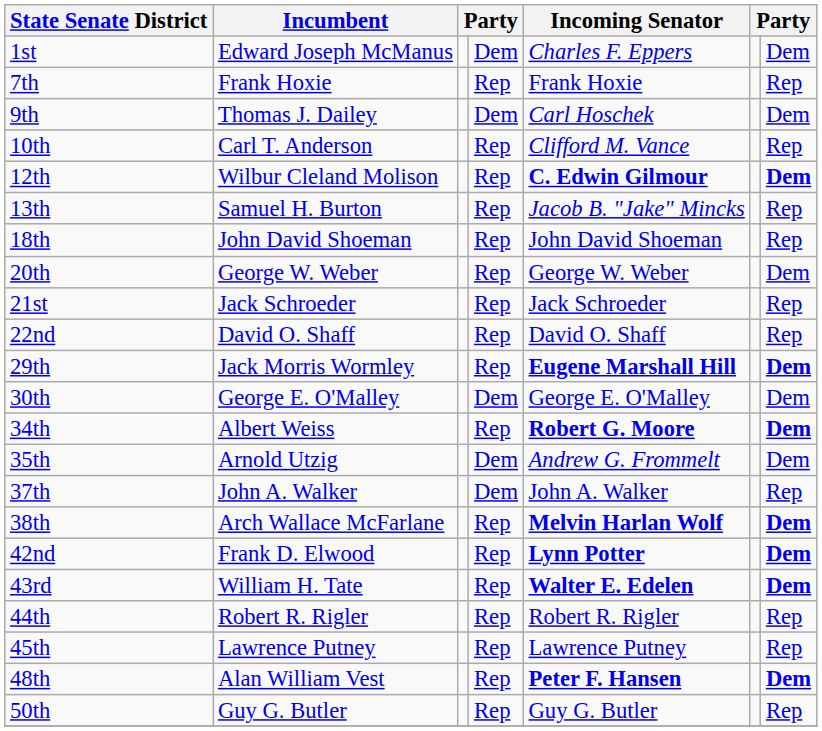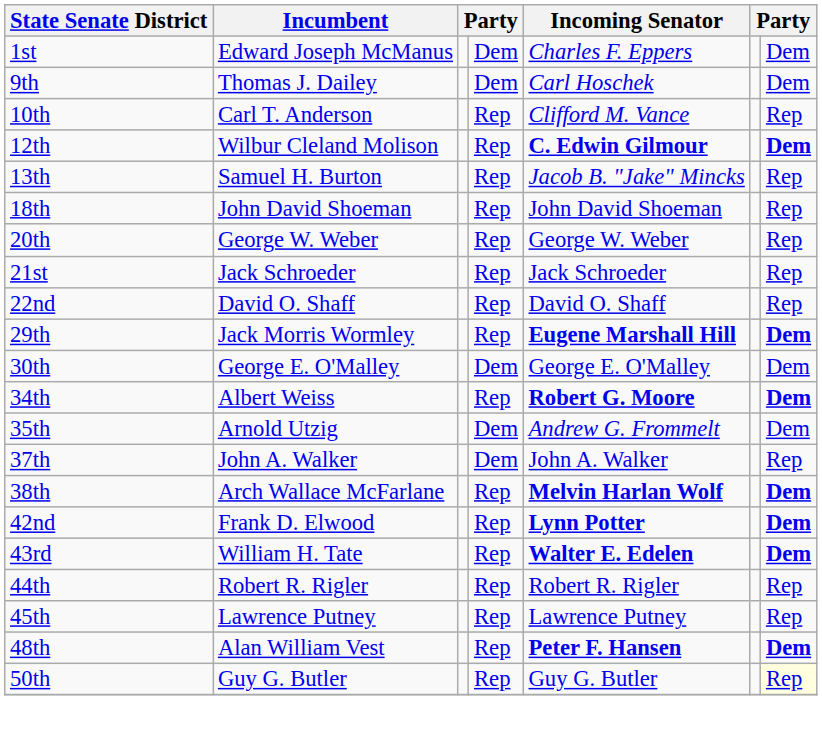 <table class="sortable wikitable" style="font-size:95%;line-height:14px;">
 <tr>
 <th class="unsortable"><a href='#'>State Senate</a> District</th>
 <th class="unsortable"><a href='#'>Incumbent</a></th>
 <th colspan="2">Party</th>
 <th class="unsortable">Incoming Senator</th>
 <th colspan="2">Party</th>
 </tr>
 <tr>
 <td><a href='#'>1st</a></td>
 <td><a href='#'>Edward Joseph McManus</a></td>
 <td style="background:"></td>
 <td><a href='#'>Dem</a></td>
 <td><em><a href='#'>Charles F. Eppers</a></em></td>
 <td style="background:"></td>
 <td><a href='#'>Dem</a></td>
-</tr>
-<tr>
-<td><a href='#'>7th</a></td>
-<td><a href='#'>Frank Hoxie</a></td>
-<td style="background:"></td>
-<td><a href='#'>Rep</a></td>
-<td><a href='#'>Frank Hoxie</a></td>
-<td style="background:"></td>
-<td><a href='#'>Rep</a></td>
 </tr>
 <tr>
 <td><a href='#'>9th</a></td>
 <td><a href='#'>Thomas J. Dailey</a></td>
 <td style="background:"></td>
 <td><a href='#'>Dem</a></td>
 <td><em><a href='#'>Carl Hoschek</a></em></td>
 <td style="background:"></td>
 <td><a href='#'>Dem</a></td>
 </tr>
 <tr>
 <td><a href='#'>10th</a></td>
 <td><a href='#'>Carl T. Anderson</a></td>
 <td style="background:"></td>
 <td><a href='#'>Rep</a></td>
 <td><em><a href='#'>Clifford M. Vance</a></em></td>
 <td style="background:"></td>
 <td><a href='#'>Rep</a></td>
 </tr>
 <tr>
 <td><a href='#'>12th</a></td>
 <td><a href='#'>Wilbur Cleland Molison</a></td>
 <td style="background:"></td>
 <td><a href='#'>Rep</a></td>
 <td><strong><a href='#'>C. Edwin Gilmour</a></strong></td>
 <td style="background:"></td>
 <td><strong><a href='#'>Dem</a></strong></td>
 </tr>
 <tr>
 <td><a href='#'>13th</a></td>
 <td><a href='#'>Samuel H. Burton</a></td>
 <td style="background:"></td>
 <td><a href='#'>Rep</a></td>
 <td><em><a href='#'>Jacob B. "Jake" Mincks</a></em></td>
 <td style="background:"></td>
 <td><a href='#'>Rep</a></td>
 </tr>
 <tr>
 <td><a href='#'>18th</a></td>
 <td><a href='#'>John David Shoeman</a></td>
 <td style="background:"></td>
 <td><a href='#'>Rep</a></td>
 <td><a href='#'>John David Shoeman</a></td>
 <td style="background:"></td>
 <td><a href='#'>Rep</a></td>
 </tr>
 <tr>
 <td><a href='#'>20th</a></td>
 <td><a href='#'>George W. Weber</a></td>
 <td style="background:"></td>
 <td><a href='#'>Rep</a></td>
 <td><a href='#'>George W. Weber</a></td>
 <td style="background:"></td>
-<td><a href='#'>Dem</a></td>
+<td><a href='#'>Rep</a></td>
 </tr>
 <tr>
 <td><a href='#'>21st</a></td>
 <td><a href='#'>Jack Schroeder</a></td>
 <td style="background:"></td>
 <td><a href='#'>Rep</a></td>
 <td><a href='#'>Jack Schroeder</a></td>
 <td style="background:"></td>
 <td><a href='#'>Rep</a></td>
 </tr>
 <tr>
 <td><a href='#'>22nd</a></td>
 <td><a href='#'>David O. Shaff</a></td>
 <td style="background:"></td>
 <td><a href='#'>Rep</a></td>
 <td><a href='#'>David O. Shaff</a></td>
 <td style="background:"></td>
 <td><a href='#'>Rep</a></td>
 </tr>
 <tr>
 <td><a href='#'>29th</a></td>
 <td><a href='#'>Jack Morris Wormley</a></td>
 <td style="background:"></td>
 <td><a href='#'>Rep</a></td>
 <td><strong><a href='#'>Eugene Marshall Hill</a></strong></td>
 <td style="background:"></td>
 <td><strong><a href='#'>Dem</a></strong></td>
 </tr>
 <tr>
 <td><a href='#'>30th</a></td>
 <td><a href='#'>George E. O'Malley</a></td>
 <td style="background:"></td>
 <td><a href='#'>Dem</a></td>
 <td><a href='#'>George E. O'Malley</a></td>
 <td style="background:"></td>
 <td><a href='#'>Dem</a></td>
 </tr>
 <tr>
 <td><a href='#'>34th</a></td>
 <td><a href='#'>Albert Weiss</a></td>
 <td style="background:"></td>
 <td><a href='#'>Rep</a></td>
 <td><strong><a href='#'>Robert G. Moore</a></strong></td>
 <td style="background:"></td>
 <td><strong><a href='#'>Dem</a></strong></td>
 </tr>
 <tr>
 <td><a href='#'>35th</a></td>
 <td><a href='#'>Arnold Utzig</a></td>
 <td style="background:"></td>
 <td><a href='#'>Dem</a></td>
 <td><em><a href='#'>Andrew G. Frommelt</a></em></td>
 <td style="background:"></td>
 <td><a href='#'>Dem</a></td>
 </tr>
 <tr>
 <td><a href='#'>37th</a></td>
 <td><a href='#'>John A. Walker</a></td>
 <td style="background:"></td>
 <td><a href='#'>Dem</a></td>
 <td><a href='#'>John A. Walker</a></td>
 <td style="background:"></td>
 <td><a href='#'>Rep</a></td>
 </tr>
 <tr>
 <td><a href='#'>38th</a></td>
 <td><a href='#'>Arch Wallace McFarlane</a></td>
 <td style="background:"></td>
 <td><a href='#'>Rep</a></td>
 <td><strong><a href='#'>Melvin Harlan Wolf</a></strong></td>
 <td style="background:"></td>
 <td><strong><a href='#'>Dem</a></strong></td>
 </tr>
 <tr>
 <td><a href='#'>42nd</a></td>
 <td><a href='#'>Frank D. Elwood</a></td>
 <td style="background:"></td>
 <td><a href='#'>Rep</a></td>
 <td><strong><a href='#'>Lynn Potter</a></strong></td>
 <td style="background:"></td>
 <td><strong><a href='#'>Dem</a></strong></td>
 </tr>
 <tr>
 <td><a href='#'>43rd</a></td>
 <td><a href='#'>William H. Tate</a></td>
 <td style="background:"></td>
 <td><a href='#'>Rep</a></td>
 <td><strong><a href='#'>Walter E. Edelen</a></strong></td>
 <td style="background:"></td>
 <td><strong><a href='#'>Dem</a></strong></td>
 </tr>
 <tr>
 <td><a href='#'>44th</a></td>
 <td><a href='#'>Robert R. Rigler</a></td>
 <td style="background:"></td>
 <td><a href='#'>Rep</a></td>
 <td><a href='#'>Robert R. Rigler</a></td>
 <td style="background:"></td>
 <td><a href='#'>Rep</a></td>
 </tr>
 <tr>
 <td><a href='#'>45th</a></td>
 <td><a href='#'>Lawrence Putney</a></td>
 <td style="background:"></td>
 <td><a href='#'>Rep</a></td>
 <td><a href='#'>Lawrence Putney</a></td>
 <td style="background:"></td>
 <td><a href='#'>Rep</a></td>
 </tr>
 <tr>
 <td><a href='#'>48th</a></td>
 <td><a href='#'>Alan William Vest</a></td>
 <td style="background:"></td>
 <td><a href='#'>Rep</a></td>
 <td><strong><a href='#'>Peter F. Hansen</a></strong></td>
 <td style="background:"></td>
 <td><strong><a href='#'>Dem</a></strong></td>
 </tr>
 <tr>
 <td><a href='#'>50th</a></td>
 <td><a href='#'>Guy G. Butler</a></td>
 <td style="background:"></td>
 <td><a href='#'>Rep</a></td>
 <td><a href='#'>Guy G. Butler</a></td>
 <td style="background:"></td>
-<td><a href='#'>Rep</a></td>
+<td style="background: lightyellow;"><a href='#'>Rep</a></td>
 </tr>
 <tr>
 </tr>
 </table>
